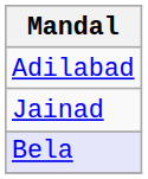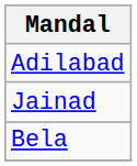 <table class="wikitable sortable static-row-numbers static-row-header-hash">
 <tr>
 <th>Mandal</th>
 </tr>
 <tr>
 <td><a href='#'>Adilabad</a></td>
 </tr>
 <tr>
 <td><a href='#'>Jainad</a></td>
 </tr>
 <tr>
-<td style="background: lavender;"><a href='#'>Bela</a></td>
+<td><a href='#'>Bela</a></td>
 </tr>
 <tr>
 </tr>
 </table>
